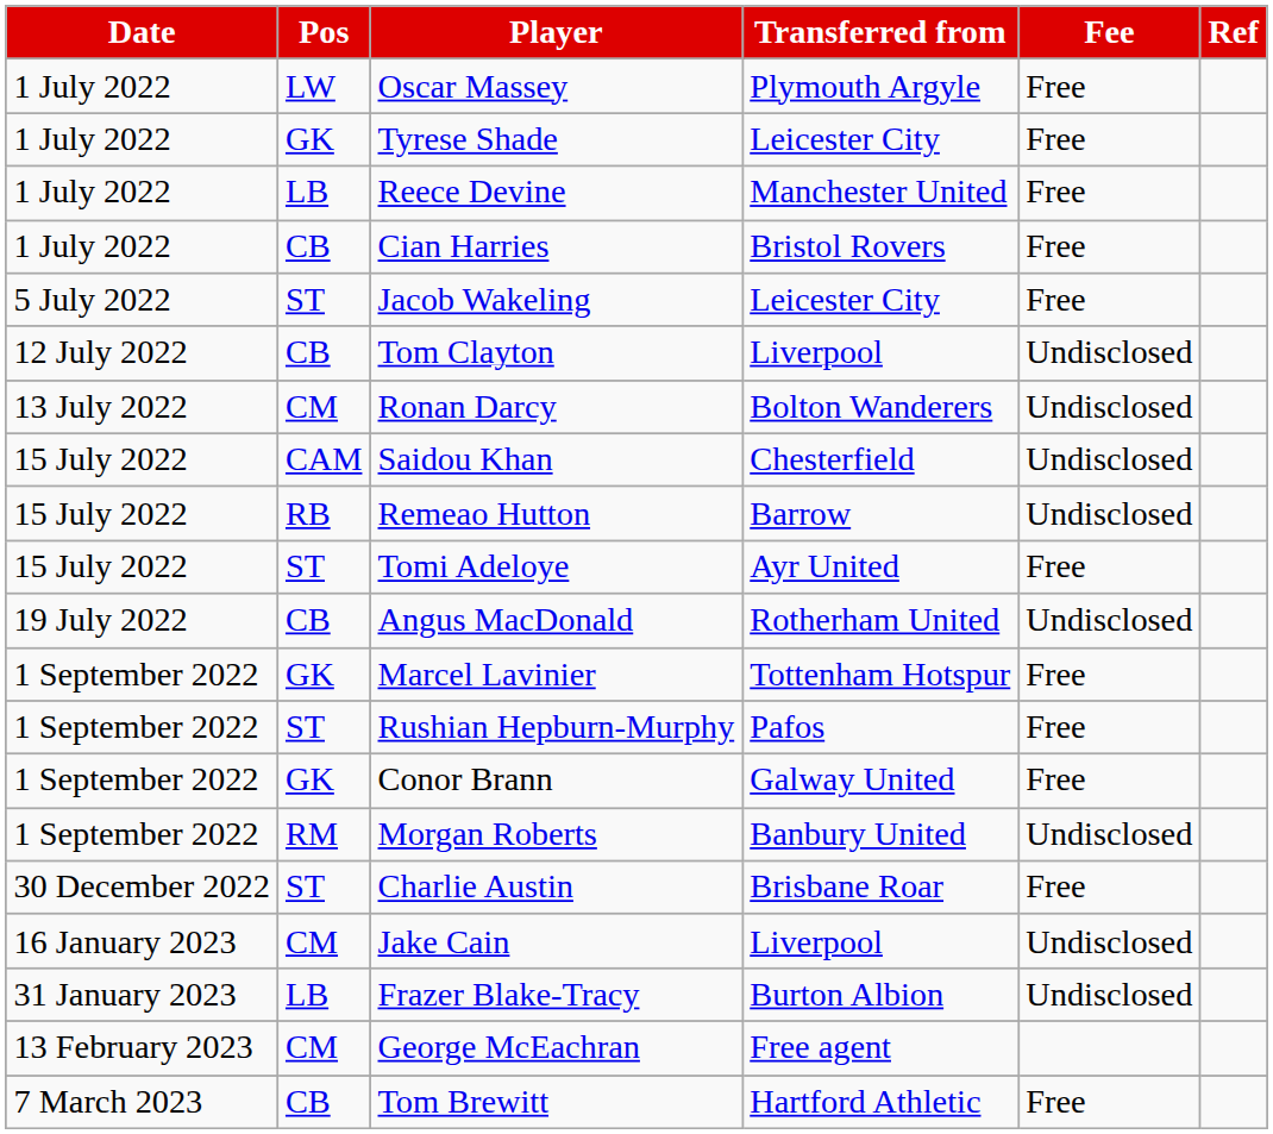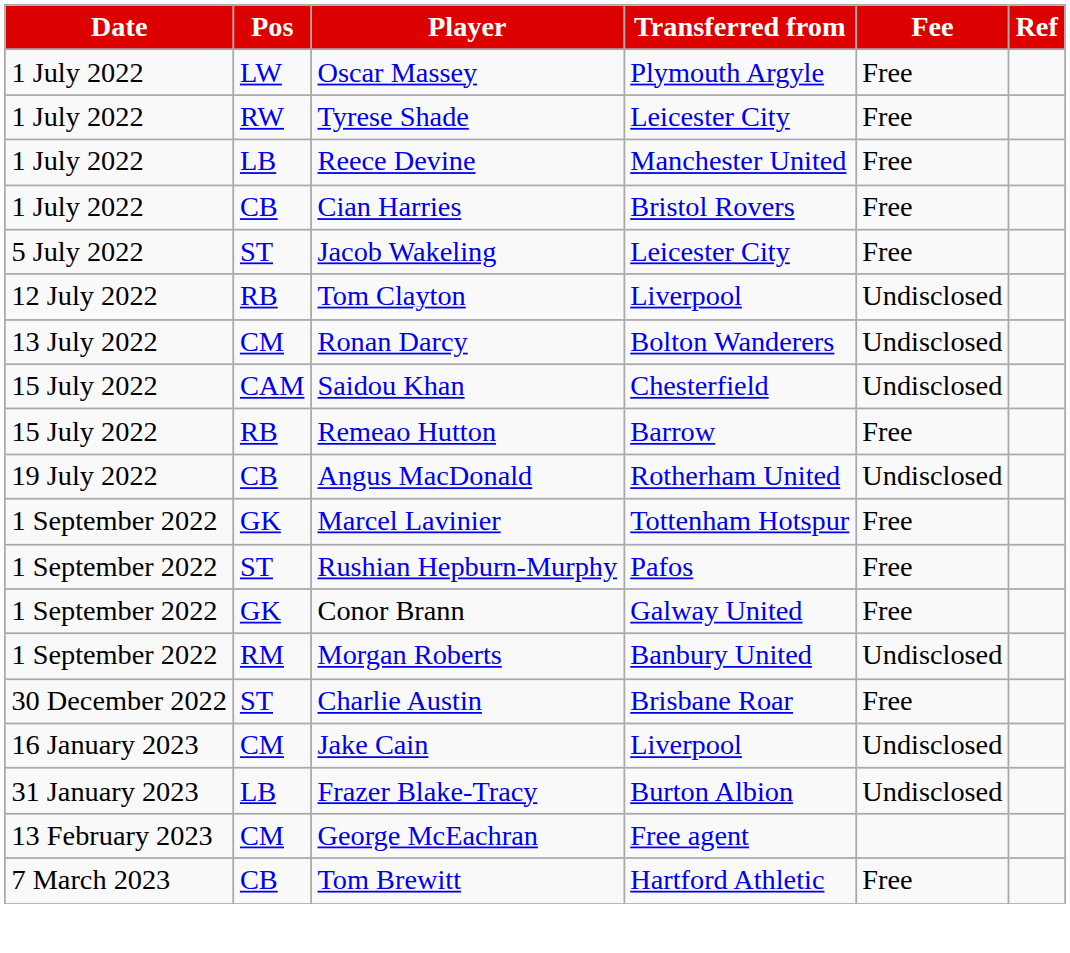 <table class="wikitable plainrowheaders sortable">
 <tr>
 <th style="background:#dd0000; color:#FFFFFF; ">Date</th>
 <th style="background:#dd0000; color:#FFFFFF; ">Pos</th>
 <th style="background:#dd0000; color:#FFFFFF; ">Player</th>
 <th style="background:#dd0000; color:#FFFFFF; ">Transferred from</th>
 <th style="background:#dd0000; color:#FFFFFF; ">Fee</th>
 <th style="background:#dd0000; color:#FFFFFF; ">Ref</th>
 </tr>
 <tr>
 <td>1 July 2022</td>
 <td><a href='#'>LW</a></td>
 <td> <a href='#'>Oscar Massey</a></td>
 <td> <a href='#'>Plymouth Argyle</a></td>
 <td>Free</td>
 <td></td>
 </tr>
 <tr>
 <td>1 July 2022</td>
-<td><a href='#'>GK</a></td>
+<td><a href='#'>RW</a></td>
 <td> <a href='#'>Tyrese Shade</a></td>
 <td> <a href='#'>Leicester City</a></td>
 <td>Free</td>
 <td></td>
 </tr>
 <tr>
 <td>1 July 2022</td>
 <td><a href='#'>LB</a></td>
 <td> <a href='#'>Reece Devine</a></td>
 <td> <a href='#'>Manchester United</a></td>
 <td>Free</td>
 <td></td>
 </tr>
 <tr>
 <td>1 July 2022</td>
 <td><a href='#'>CB</a></td>
 <td> <a href='#'>Cian Harries</a></td>
 <td> <a href='#'>Bristol Rovers</a></td>
 <td>Free</td>
 <td></td>
 </tr>
 <tr>
 <td>5 July 2022</td>
 <td><a href='#'>ST</a></td>
 <td> <a href='#'>Jacob Wakeling</a></td>
 <td> <a href='#'>Leicester City</a></td>
 <td>Free</td>
 <td></td>
 </tr>
 <tr>
 <td>12 July 2022</td>
-<td><a href='#'>CB</a></td>
+<td><a href='#'>RB</a></td>
 <td> <a href='#'>Tom Clayton</a></td>
 <td> <a href='#'>Liverpool</a></td>
 <td>Undisclosed</td>
 <td></td>
 </tr>
 <tr>
 <td>13 July 2022</td>
 <td><a href='#'>CM</a></td>
 <td> <a href='#'>Ronan Darcy</a></td>
 <td> <a href='#'>Bolton Wanderers</a></td>
 <td>Undisclosed</td>
 <td></td>
 </tr>
 <tr>
 <td>15 July 2022</td>
 <td><a href='#'>CAM</a></td>
 <td> <a href='#'>Saidou Khan</a></td>
 <td> <a href='#'>Chesterfield</a></td>
 <td>Undisclosed</td>
 <td></td>
 </tr>
 <tr>
 <td>15 July 2022</td>
 <td><a href='#'>RB</a></td>
 <td> <a href='#'>Remeao Hutton</a></td>
 <td> <a href='#'>Barrow</a></td>
-<td>Undisclosed</td>
-<td></td>
-</tr>
-<tr>
-<td>15 July 2022</td>
-<td><a href='#'>ST</a></td>
-<td> <a href='#'>Tomi Adeloye</a></td>
-<td> <a href='#'>Ayr United</a></td>
 <td>Free</td>
 <td></td>
 </tr>
 <tr>
 <td>19 July 2022</td>
 <td><a href='#'>CB</a></td>
 <td> <a href='#'>Angus MacDonald</a></td>
 <td> <a href='#'>Rotherham United</a></td>
 <td>Undisclosed</td>
 <td></td>
 </tr>
 <tr>
 <td>1 September 2022</td>
 <td><a href='#'>GK</a></td>
 <td> <a href='#'>Marcel Lavinier</a></td>
 <td> <a href='#'>Tottenham Hotspur</a></td>
 <td>Free</td>
 <td></td>
 </tr>
 <tr>
 <td>1 September 2022</td>
 <td><a href='#'>ST</a></td>
 <td> <a href='#'>Rushian Hepburn-Murphy</a></td>
 <td> <a href='#'>Pafos</a></td>
 <td>Free</td>
 <td></td>
 </tr>
 <tr>
 <td>1 September 2022</td>
 <td><a href='#'>GK</a></td>
 <td> Conor Brann</td>
 <td> <a href='#'>Galway United</a></td>
 <td>Free</td>
 <td></td>
 </tr>
 <tr>
 <td>1 September 2022</td>
 <td><a href='#'>RM</a></td>
 <td> <a href='#'>Morgan Roberts</a></td>
 <td> <a href='#'>Banbury United</a></td>
 <td>Undisclosed</td>
 <td></td>
 </tr>
 <tr>
 <td>30 December 2022</td>
 <td><a href='#'>ST</a></td>
 <td> <a href='#'>Charlie Austin</a></td>
 <td>  <a href='#'>Brisbane Roar</a></td>
 <td>Free</td>
 <td></td>
 </tr>
 <tr>
 <td>16 January 2023</td>
 <td><a href='#'>CM</a></td>
 <td> <a href='#'>Jake Cain</a></td>
 <td> <a href='#'>Liverpool</a></td>
 <td>Undisclosed</td>
 <td></td>
 </tr>
 <tr>
 <td>31 January 2023</td>
 <td><a href='#'>LB</a></td>
 <td> <a href='#'>Frazer Blake-Tracy</a></td>
 <td> <a href='#'>Burton Albion</a></td>
 <td>Undisclosed</td>
 <td></td>
 </tr>
 <tr>
 <td>13 February 2023</td>
 <td><a href='#'>CM</a></td>
 <td> <a href='#'>George McEachran</a></td>
 <td> <a href='#'>Free agent</a></td>
 <td></td>
 <td></td>
 </tr>
 <tr>
 <td>7 March 2023</td>
 <td><a href='#'>CB</a></td>
 <td> <a href='#'>Tom Brewitt</a></td>
 <td> <a href='#'>Hartford Athletic</a></td>
 <td>Free</td>
 <td></td>
 </tr>
 </table>
